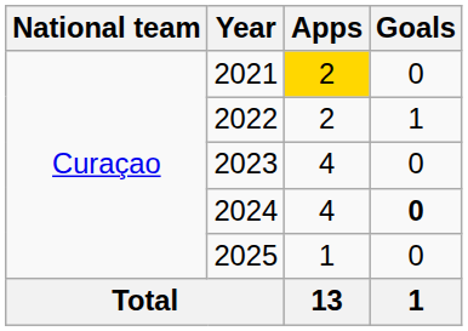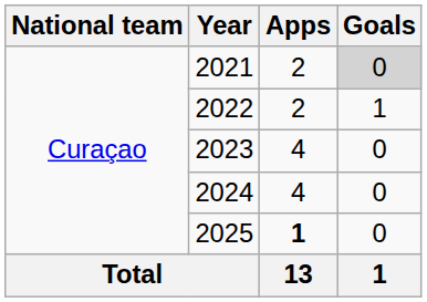 <table class="wikitable" style="text-align:center">
 <tr>
 <th>National team</th>
 <th>Year</th>
 <th>Apps</th>
 <th>Goals</th>
 </tr>
 <tr>
 <td rowspan=5><a href='#'>Curaçao</a></td>
 <td>2021</td>
-<td style="background: gold;">2</td>
-<td>0</td>
+<td>2</td>
+<td style="background: lightgrey;">0</td>
 </tr>
 <tr>
 <td>2022</td>
 <td>2</td>
 <td>1</td>
 </tr>
 <tr>
 <td>2023</td>
 <td>4</td>
 <td>0</td>
 </tr>
 <tr>
 <td>2024</td>
 <td>4</td>
-<td><strong>0</strong></td>
+<td>0</td>
 </tr>
 <tr>
 <td>2025</td>
-<td>1</td>
+<td><strong>1</strong></td>
 <td>0</td>
 </tr>
 <tr>
 <th colspan=2>Total</th>
 <th>13</th>
 <th>1</th>
 </tr>
 </table>
